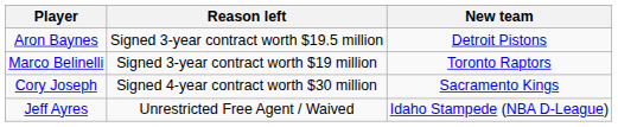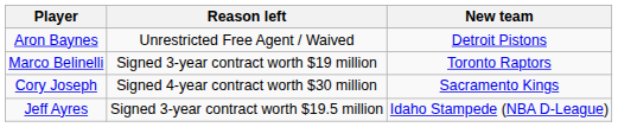 <table class="wikitable sortable sortable">
 <tr>
 <th>Player</th>
 <th>Reason left</th>
 <th>New team</th>
 </tr>
 <tr style="text-align: center">
 <td><a href='#'>Aron Baynes</a></td>
-<td>Signed 3-year contract worth $19.5 million</td>
+<td>Unrestricted Free Agent / Waived</td>
 <td><a href='#'>Detroit Pistons</a></td>
 </tr>
 <tr style="text-align: center">
 <td><a href='#'>Marco Belinelli</a></td>
 <td>Signed 3-year contract worth $19 million</td>
 <td><a href='#'>Toronto Raptors</a></td>
 </tr>
 <tr style="text-align: center">
 <td><a href='#'>Cory Joseph</a></td>
 <td>Signed 4-year contract worth $30 million</td>
 <td><a href='#'>Sacramento Kings</a></td>
 </tr>
 <tr style="text-align: center">
 <td><a href='#'>Jeff Ayres</a></td>
-<td>Unrestricted Free Agent / Waived</td>
+<td>Signed 3-year contract worth $19.5 million</td>
 <td><a href='#'>Idaho Stampede</a> (<a href='#'>NBA D-League</a>)</td>
 </tr>
 </table>
